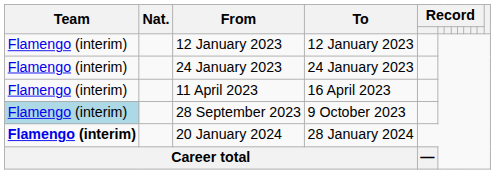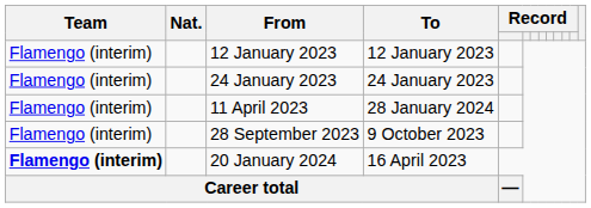 <table class="wikitable" style="text-align: center">
 <tr>
 <th rowspan="2">Team</th>
 <th rowspan="2">Nat.</th>
 <th rowspan="2">From</th>
 <th rowspan="2">To</th>
 <th colspan="8">Record</th>
 <th rowspan=2></th>
 </tr>
 <tr>
 <th></th>
 <th></th>
 <th></th>
 <th></th>
 <th></th>
 <th></th>
 <th></th>
 <th></th>
 </tr>
 <tr>
 <td align="left"><a href='#'>Flamengo</a> (interim)</td>
 <td></td>
 <td align=left>12 January 2023</td>
 <td align=left>12 January 2023<br></td>
 <td></td>
 </tr>
 <tr>
 <td align="left"><a href='#'>Flamengo</a> (interim)</td>
 <td></td>
 <td align=left>24 January 2023</td>
 <td align=left>24 January 2023<br></td>
 <td></td>
 </tr>
 <tr>
 <td align="left"><a href='#'>Flamengo</a> (interim)</td>
 <td></td>
 <td align=left>11 April 2023</td>
-<td align=left>16 April 2023<br></td>
+<td align=left>28 January 2024<br></td>
 <td></td>
 </tr>
 <tr>
-<td align="left" style="background: lightblue;"><a href='#'>Flamengo</a> (interim)</td>
+<td align="left"><a href='#'>Flamengo</a> (interim)</td>
 <td></td>
 <td align=left>28 September 2023</td>
 <td align=left>9 October 2023<br></td>
 <td></td>
 </tr>
 <tr>
 <td align="left"><strong><a href='#'>Flamengo</a> (interim)</strong></td>
 <td></td>
 <td align=left>20 January 2024</td>
-<td align=left>28 January 2024<br></td>
+<td align=left>16 April 2023<br></td>
 </tr>
 <tr>
 <th colspan=4><strong>Career total</strong><br></th>
 <th>—</th>
 </tr>
 </table>
